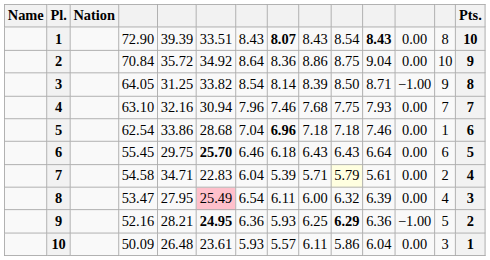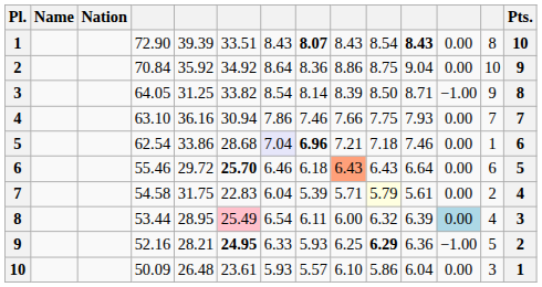 <table class="wikitable sortable" style="text-align:center">
 <tr>
+<th>Pl.</th>
 <th>Name</th>
-<th>Pl.</th>
 <th>Nation</th>
 <th></th>
 <th></th>
 <th></th>
 <th></th>
 <th></th>
 <th></th>
 <th></th>
 <th></th>
 <th></th>
 <th></th>
 <th>Pts.</th>
 </tr>
 <tr>
+<th>1</th>
 <td align=left></td>
-<th>1</th>
 <td align=left></td>
 <td>72.90</td>
 <td>39.39</td>
 <td>33.51</td>
 <td>8.43</td>
 <td><strong>8.07</strong></td>
 <td>8.43</td>
 <td>8.54</td>
 <td><strong>8.43</strong></td>
 <td>0.00</td>
 <td>8</td>
 <th>10</th>
 </tr>
 <tr>
-<td align=left></td>
 <th>2</th>
 <td align=left></td>
+<td align=left></td>
 <td>70.84</td>
-<td>35.72</td>
+<td>35.92</td>
 <td>34.92</td>
 <td>8.64</td>
 <td>8.36</td>
 <td>8.86</td>
 <td>8.75</td>
 <td>9.04</td>
 <td>0.00</td>
 <td>10</td>
 <th>9</th>
 </tr>
 <tr>
+<th>3</th>
 <td align=left></td>
-<th>3</th>
 <td align=left></td>
 <td>64.05</td>
 <td>31.25</td>
 <td>33.82</td>
 <td>8.54</td>
 <td>8.14</td>
 <td>8.39</td>
 <td>8.50</td>
 <td>8.71</td>
 <td>−1.00</td>
 <td>9</td>
 <th>8</th>
 </tr>
 <tr>
-<td align=left></td>
 <th>4</th>
 <td align=left></td>
+<td align=left></td>
 <td>63.10</td>
-<td>32.16</td>
+<td>36.16</td>
 <td>30.94</td>
-<td>7.96</td>
+<td>7.86</td>
 <td>7.46</td>
-<td>7.68</td>
+<td>7.66</td>
 <td>7.75</td>
 <td>7.93</td>
 <td>0.00</td>
 <td>7</td>
 <th>7</th>
 </tr>
 <tr>
+<th>5</th>
 <td align=left></td>
-<th>5</th>
 <td align=left></td>
 <td>62.54</td>
 <td>33.86</td>
 <td>28.68</td>
-<td>7.04</td>
+<td style="background: lavender;">7.04</td>
 <td><strong>6.96</strong></td>
-<td>7.18</td>
+<td>7.21</td>
 <td>7.18</td>
 <td>7.46</td>
 <td>0.00</td>
 <td>1</td>
 <th>6</th>
 </tr>
 <tr>
-<td align=left></td>
 <th>6</th>
 <td align=left></td>
-<td>55.45</td>
-<td>29.75</td>
+<td align=left></td>
+<td>55.46</td>
+<td>29.72</td>
 <td><strong>25.70</strong></td>
 <td>6.46</td>
 <td>6.18</td>
-<td>6.43</td>
+<td style="background: lightsalmon;">6.43</td>
 <td>6.43</td>
 <td>6.64</td>
 <td>0.00</td>
 <td>6</td>
 <th>5</th>
 </tr>
 <tr>
-<td align=left></td>
 <th>7</th>
 <td align=left></td>
+<td align=left></td>
 <td>54.58</td>
-<td>34.71</td>
+<td>31.75</td>
 <td>22.83</td>
 <td>6.04</td>
 <td>5.39</td>
 <td>5.71</td>
 <td style="background: lightyellow;">5.79</td>
 <td>5.61</td>
 <td>0.00</td>
 <td>2</td>
 <th>4</th>
 </tr>
 <tr>
-<td align=left></td>
 <th>8</th>
 <td align=left></td>
-<td>53.47</td>
-<td>27.95</td>
+<td align=left></td>
+<td>53.44</td>
+<td>28.95</td>
 <td style="background: pink;">25.49</td>
 <td>6.54</td>
 <td>6.11</td>
 <td>6.00</td>
 <td>6.32</td>
 <td>6.39</td>
-<td>0.00</td>
+<td style="background: lightblue;">0.00</td>
 <td>4</td>
 <th>3</th>
 </tr>
 <tr>
+<th>9</th>
 <td align=left></td>
-<th>9</th>
 <td align=left></td>
 <td>52.16</td>
 <td>28.21</td>
 <td><strong>24.95</strong></td>
-<td>6.36</td>
+<td>6.33</td>
 <td>5.93</td>
 <td>6.25</td>
 <td><strong>6.29</strong></td>
 <td>6.36</td>
 <td>−1.00</td>
 <td>5</td>
 <th>2</th>
 </tr>
 <tr>
+<th>10</th>
 <td align=left></td>
-<th>10</th>
 <td align=left></td>
 <td>50.09</td>
 <td>26.48</td>
 <td>23.61</td>
 <td>5.93</td>
 <td>5.57</td>
-<td>6.11</td>
+<td>6.10</td>
 <td>5.86</td>
 <td>6.04</td>
 <td>0.00</td>
 <td>3</td>
 <th>1</th>
 </tr>
 </table>
